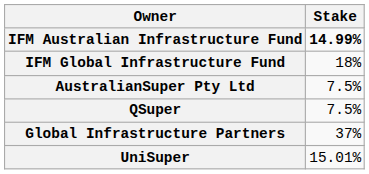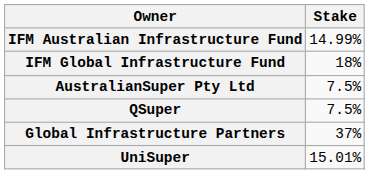 <table class="wikitable sortable static-row-numbers col1left" style=text-align:right>
 <tr>
 <th>Owner</th>
 <th>Stake</th>
 </tr>
 <tr>
 <th>IFM Australian Infrastructure Fund</th>
-<td><strong>14.99%</strong></td>
+<td>14.99%</td>
 </tr>
 <tr>
 <th>IFM Global Infrastructure Fund</th>
 <td>18%</td>
 </tr>
 <tr>
 <th>AustralianSuper Pty Ltd</th>
 <td>7.5%</td>
 </tr>
 <tr>
 <th>QSuper</th>
 <td>7.5%</td>
 </tr>
 <tr>
 <th>Global Infrastructure Partners</th>
 <td>37%</td>
 </tr>
 <tr>
 <th>UniSuper</th>
 <td>15.01%</td>
 </tr>
 </table>
